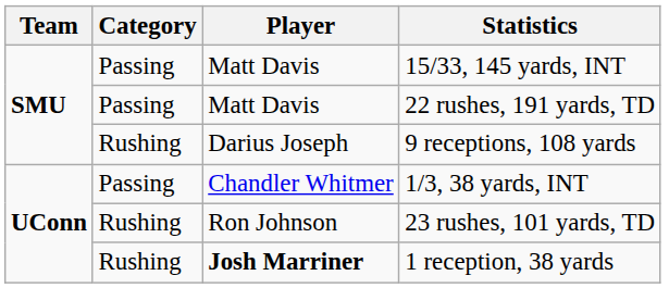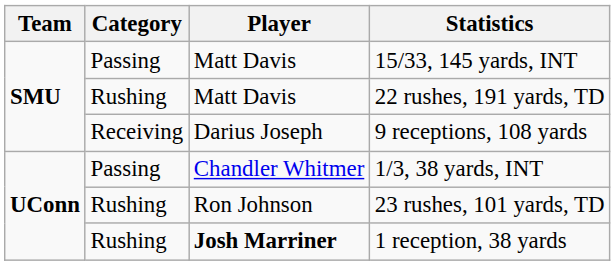 <table class="wikitable" style="float: left;">
 <tr>
 <th>Team</th>
 <th>Category</th>
 <th>Player</th>
 <th>Statistics</th>
 </tr>
 <tr>
 <td rowspan=3><strong>SMU</strong></td>
 <td>Passing</td>
 <td>Matt Davis</td>
 <td>15/33, 145 yards, INT</td>
 </tr>
 <tr>
-<td>Passing</td>
+<td>Rushing</td>
 <td>Matt Davis</td>
 <td>22 rushes, 191 yards, TD</td>
 </tr>
 <tr>
-<td>Rushing</td>
+<td>Receiving</td>
 <td>Darius Joseph</td>
 <td>9 receptions, 108 yards</td>
 </tr>
 <tr>
 <td rowspan=3><strong>UConn</strong></td>
 <td>Passing</td>
 <td><a href='#'>Chandler Whitmer</a></td>
 <td>1/3, 38 yards, INT</td>
 </tr>
 <tr>
 <td>Rushing</td>
 <td>Ron Johnson</td>
 <td>23 rushes, 101 yards, TD</td>
 </tr>
 <tr>
 <td>Rushing</td>
 <td><strong>Josh Marriner</strong></td>
 <td>1 reception, 38 yards</td>
 </tr>
 </table>
